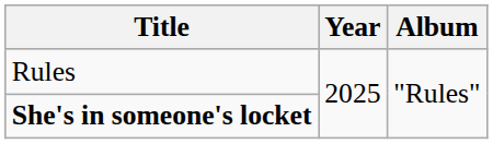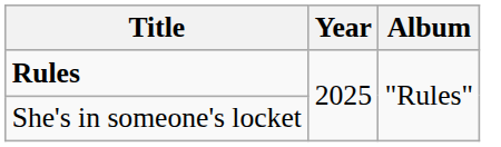 <table class="wikitable">
 <tr>
 <th>Title</th>
 <th>Year</th>
 <th>Album</th>
 </tr>
 <tr>
-<td>Rules</td>
+<td><strong>Rules</strong></td>
 <td rowspan="2">2025</td>
 <td rowspan="2">"Rules"</td>
 </tr>
 <tr>
-<td><strong>She's in someone's locket</strong></td>
+<td>She's in someone's locket</td>
 </tr>
 </table>
